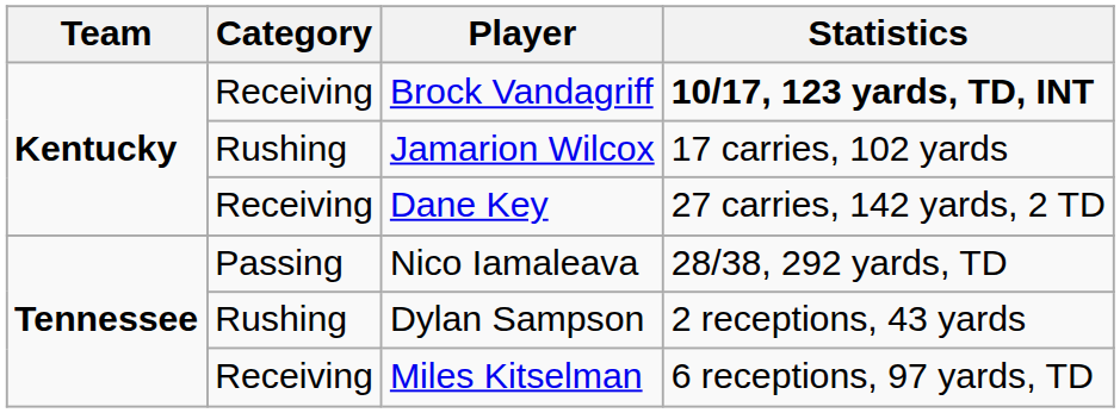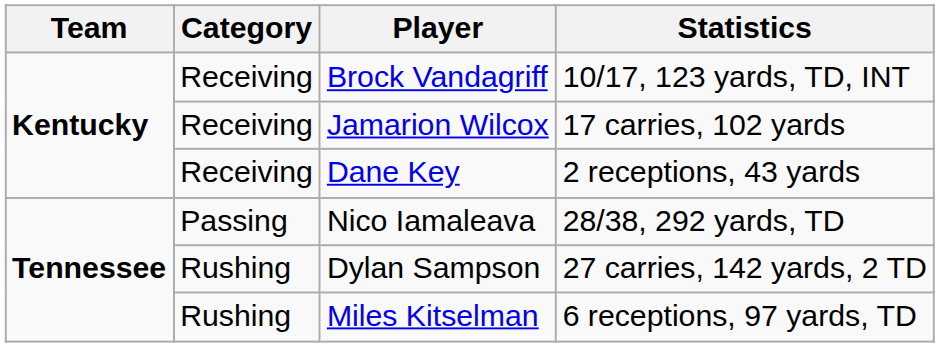 <table class="wikitable" style="float: right;">
 <tr>
 <th>Team</th>
 <th>Category</th>
 <th>Player</th>
 <th>Statistics</th>
 </tr>
 <tr>
 <td rowspan=3><strong>Kentucky</strong></td>
 <td>Receiving</td>
 <td><a href='#'>Brock Vandagriff</a></td>
-<td><strong>10/17, 123 yards, TD, INT</strong></td>
+<td>10/17, 123 yards, TD, INT</td>
 </tr>
 <tr>
-<td>Rushing</td>
+<td>Receiving</td>
 <td><a href='#'>Jamarion Wilcox</a></td>
 <td>17 carries, 102 yards</td>
 </tr>
 <tr>
 <td>Receiving</td>
 <td><a href='#'>Dane Key</a></td>
-<td>27 carries, 142 yards, 2 TD</td>
+<td>2 receptions, 43 yards</td>
 </tr>
 <tr>
 <td rowspan=3><strong>Tennessee</strong></td>
 <td>Passing</td>
 <td>Nico Iamaleava</td>
 <td>28/38, 292 yards, TD</td>
 </tr>
 <tr>
 <td>Rushing</td>
 <td>Dylan Sampson</td>
-<td>2 receptions, 43 yards</td>
+<td>27 carries, 142 yards, 2 TD</td>
 </tr>
 <tr>
-<td>Receiving</td>
+<td>Rushing</td>
 <td><a href='#'>Miles Kitselman</a></td>
 <td>6 receptions, 97 yards, TD</td>
 </tr>
 </table>
